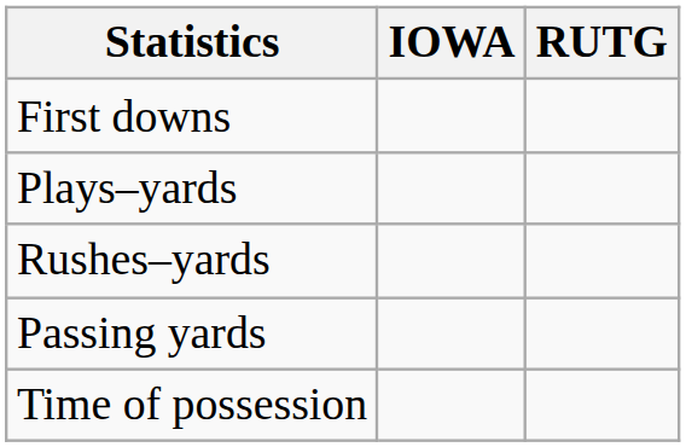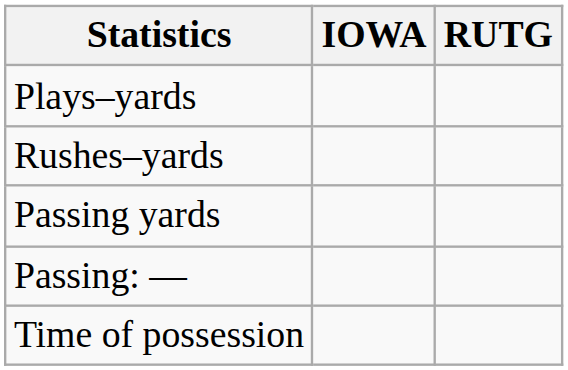 <table class="wikitable" style="float:left">
 <tr>
 <th>Statistics</th>
 <th>IOWA</th>
 <th>RUTG</th>
-</tr>
-<tr>
-<td>First downs</td>
-<td></td>
-<td></td>
 </tr>
 <tr>
 <td>Plays–yards</td>
 <td></td>
 <td></td>
 </tr>
 <tr>
 <td>Rushes–yards</td>
 <td></td>
 <td></td>
 </tr>
 <tr>
 <td>Passing yards</td>
 <td></td>
 <td></td>
 </tr>
 <tr>
+<td>Passing: ––</td>
+<td></td>
+<td></td>
+</tr>
+<tr>
 <td>Time of possession</td>
 <td></td>
 <td></td>
 </tr>
 </table>
